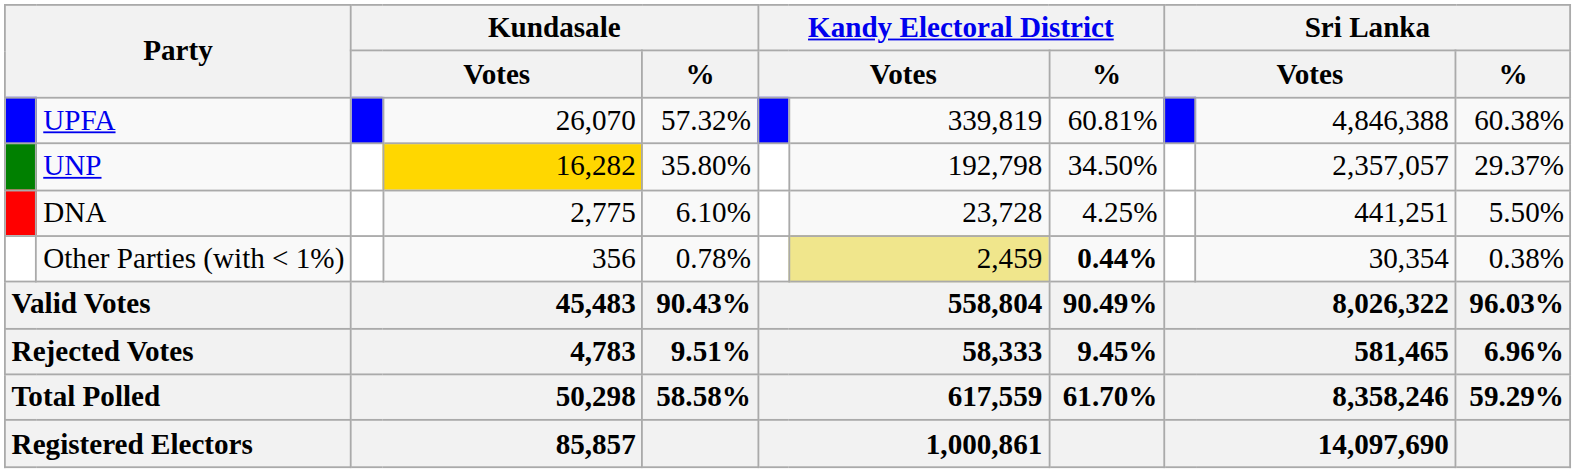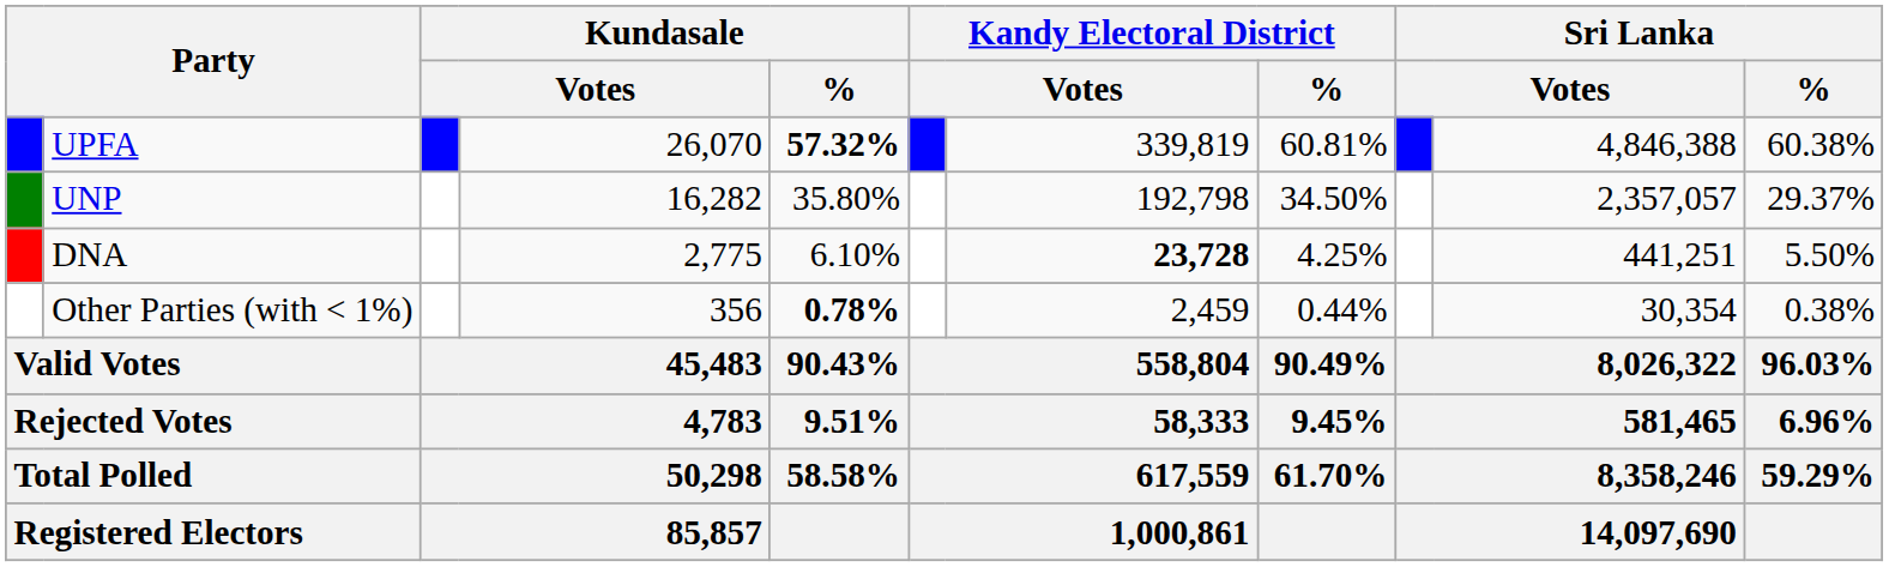 <table class="wikitable">
 <tr>
 <th colspan="2" width="144px"rowspan="2">Party</th>
 <th colspan="3" width="216px">Kundasale</th>
 <th colspan="3" width="216px"><a href='#'>Kandy Electoral District</a></th>
 <th colspan="3" width="216px">Sri Lanka</th>
 </tr>
 <tr>
 <th colspan="2" width="144px">Votes</th>
 <th>%</th>
 <th colspan="2" width="144px">Votes</th>
 <th>%</th>
 <th colspan="2" width="144px">Votes</th>
 <th>%</th>
 </tr>
 <tr>
 <td style="background-color:blue;" width="10px"></td>
 <td style="text-align:left;"><a href='#'>UPFA</a></td>
 <td style="background-color:blue;" width="10px"></td>
 <td style="text-align:right;">26,070</td>
-<td style="text-align:right;">57.32%</td>
+<td style="text-align:right;"><strong>57.32%</strong></td>
 <td style="background-color:blue;" width="10px"></td>
 <td style="text-align:right;">339,819</td>
 <td style="text-align:right;">60.81%</td>
 <td style="background-color:blue;" width="10px"></td>
 <td style="text-align:right;">4,846,388</td>
 <td style="text-align:right;">60.38%</td>
 </tr>
 <tr>
 <td style="background-color:green;" width="10px"></td>
 <td style="text-align:left;"><a href='#'>UNP</a></td>
 <td style="background-color:white;" width="10px"></td>
-<td style="background: gold; text-align:right;">16,282</td>
+<td style="text-align:right;">16,282</td>
 <td style="text-align:right;">35.80%</td>
 <td style="background-color:white;" width="10px"></td>
 <td style="text-align:right;">192,798</td>
 <td style="text-align:right;">34.50%</td>
 <td style="background-color:white;" width="10px"></td>
 <td style="text-align:right;">2,357,057</td>
 <td style="text-align:right;">29.37%</td>
 </tr>
 <tr>
 <td style="background-color:red;" width="10px"></td>
 <td style="text-align:left;">DNA</td>
 <td style="background-color:white;" width="10px"></td>
 <td style="text-align:right;">2,775</td>
 <td style="text-align:right;">6.10%</td>
 <td style="background-color:white;" width="10px"></td>
-<td style="text-align:right;">23,728</td>
+<td style="text-align:right;"><strong>23,728</strong></td>
 <td style="text-align:right;">4.25%</td>
 <td style="background-color:white;" width="10px"></td>
 <td style="text-align:right;">441,251</td>
 <td style="text-align:right;">5.50%</td>
 </tr>
 <tr>
 <td style="background-color:white;" width="10px"></td>
 <td style="text-align:left;">Other Parties (with < 1%)</td>
 <td style="background-color:white;" width="10px"></td>
 <td style="text-align:right;">356</td>
-<td style="text-align:right;">0.78%</td>
+<td style="text-align:right;"><strong>0.78%</strong></td>
 <td style="background-color:white;" width="10px"></td>
-<td style="background: khaki; text-align:right;">2,459</td>
-<td style="text-align:right;"><strong>0.44%</strong></td>
+<td style="text-align:right;">2,459</td>
+<td style="text-align:right;">0.44%</td>
 <td style="background-color:white;" width="10px"></td>
 <td style="text-align:right;">30,354</td>
 <td style="text-align:right;">0.38%</td>
 </tr>
 <tr>
 <th colspan="2" width="144px"style="text-align:left;">Valid Votes</th>
 <th style="text-align:right;"colspan="2" width="144px">45,483</th>
 <th style="text-align:right;">90.43%</th>
 <th style="text-align:right;"colspan="2" width="144px">558,804</th>
 <th style="text-align:right;">90.49%</th>
 <th style="text-align:right;"colspan="2" width="144px">8,026,322</th>
 <th style="text-align:right;">96.03%</th>
 </tr>
 <tr>
 <th colspan="2" width="144px"style="text-align:left;">Rejected Votes</th>
 <th style="text-align:right;"colspan="2" width="144px">4,783</th>
 <th style="text-align:right;">9.51%</th>
 <th style="text-align:right;"colspan="2" width="144px">58,333</th>
 <th style="text-align:right;">9.45%</th>
 <th style="text-align:right;"colspan="2" width="144px">581,465</th>
 <th style="text-align:right;">6.96%</th>
 </tr>
 <tr>
 <th colspan="2" width="144px"style="text-align:left;">Total Polled</th>
 <th style="text-align:right;"colspan="2" width="144px">50,298</th>
 <th style="text-align:right;">58.58%</th>
 <th style="text-align:right;"colspan="2" width="144px">617,559</th>
 <th style="text-align:right;">61.70%</th>
 <th style="text-align:right;"colspan="2" width="144px">8,358,246</th>
 <th style="text-align:right;">59.29%</th>
 </tr>
 <tr>
 <th colspan="2" width="144px"style="text-align:left;">Registered Electors</th>
 <th style="text-align:right;"colspan="2" width="144px">85,857</th>
 <th></th>
 <th style="text-align:right;"colspan="2" width="144px">1,000,861</th>
 <th></th>
 <th style="text-align:right;"colspan="2" width="144px">14,097,690</th>
 <th></th>
 </tr>
 </table>
